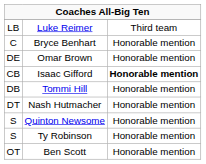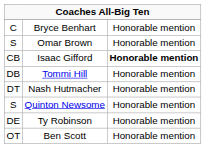 <table class="wikitable sortable" style="text-align:center">
 <tr>
 <td colspan="3"><strong>Coaches All-Big Ten</strong></td>
 </tr>
 <tr>
 </tr>
 <tr style="text-align:center;">
-<td style="background:white">LB</td>
-<td style="background:white"><a href='#'>Luke Reimer</a></td>
-<td style="background:white">Third team</td>
-</tr>
-<tr style="text-align:center;">
 <td style="background:white">C</td>
 <td style="background:white">Bryce Benhart</td>
 <td style="background:white">Honorable mention</td>
 </tr>
 <tr style="text-align:center;">
-<td style="background:white">DE</td>
+<td style="background:white">S</td>
 <td style="background:white">Omar Brown</td>
 <td style="background:white">Honorable mention</td>
 </tr>
 <tr style="text-align:center;">
 <td style="background:white">CB</td>
 <td style="background:white">Isaac Gifford</td>
 <td style="background:white"><strong>Honorable mention</strong></td>
 </tr>
 <tr style="text-align:center;">
 <td style="background:white">DB</td>
 <td style="background:white"><a href='#'>Tommi Hill</a></td>
 <td style="background:white">Honorable mention</td>
 </tr>
 <tr style="text-align:center;">
 <td style="background:white">DT</td>
 <td style="background:white">Nash Hutmacher</td>
 <td style="background:white">Honorable mention</td>
 </tr>
 <tr style="text-align:center;">
 <td style="background:white">S</td>
 <td style="background:white"><a href='#'>Quinton Newsome</a></td>
 <td style="background:white">Honorable mention</td>
 </tr>
 <tr style="text-align:center;">
-<td style="background:white">S</td>
+<td style="background:white">DE</td>
 <td style="background:white">Ty Robinson</td>
 <td style="background:white">Honorable mention</td>
 </tr>
 <tr style="text-align:center;">
 <td style="background:white">OT</td>
 <td style="background:white">Ben Scott</td>
 <td style="background:white">Honorable mention</td>
 </tr>
 </table>
